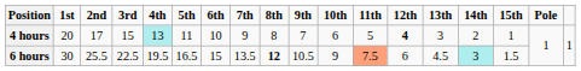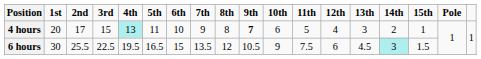 <table class="wikitable" style="font-size:85%; text-align:center">
 <tr>
 <th>Position</th>
 <td> <strong>1st</strong> </td>
 <td> <strong>2nd</strong> </td>
 <td> <strong>3rd</strong> </td>
 <td> <strong>4th</strong> </td>
 <td> <strong>5th</strong> </td>
 <td> <strong>6th</strong> </td>
 <td> <strong>7th</strong> </td>
 <td> <strong>8th</strong> </td>
 <td> <strong>9th</strong> </td>
 <td> <strong>10th</strong> </td>
 <td> <strong>11th</strong> </td>
 <td> <strong>12th</strong> </td>
 <td> <strong>13th</strong> </td>
 <td> <strong>14th</strong> </td>
 <td> <strong>15th</strong> </td>
 <td> <strong>Pole</strong> </td>
 <td> <strong></strong> </td>
 </tr>
 <tr>
 <th>4 hours</th>
 <td>20</td>
 <td>17</td>
 <td>15</td>
 <td style="background: paleturquoise;">13</td>
 <td>11</td>
 <td>10</td>
 <td>9</td>
 <td>8</td>
-<td>7</td>
+<td><strong>7</strong></td>
 <td>6</td>
 <td>5</td>
-<td><strong>4</strong></td>
+<td>4</td>
 <td>3</td>
 <td>2</td>
 <td>1</td>
 <td rowspan=2>1</td>
 <td rowspan=2>1</td>
 </tr>
 <tr>
 <th>6 hours</th>
 <td>30</td>
 <td>25.5</td>
 <td>22.5</td>
 <td>19.5</td>
 <td>16.5</td>
 <td>15</td>
 <td>13.5</td>
-<td><strong>12</strong></td>
+<td>12</td>
 <td>10.5</td>
 <td>9</td>
-<td style="background: lightsalmon;">7.5</td>
+<td>7.5</td>
 <td>6</td>
 <td>4.5</td>
 <td style="background: paleturquoise;">3</td>
 <td>1.5</td>
 </tr>
 </table>
